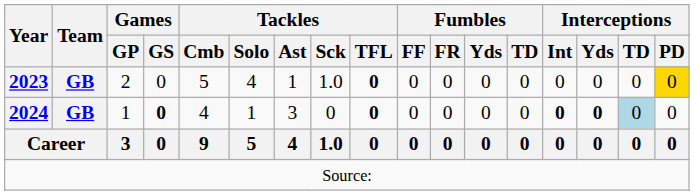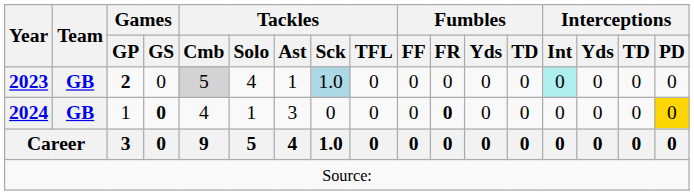 <table class="wikitable" style="text-align:center;">
 <tr>
 <th rowspan="2">Year</th>
 <th rowspan="2">Team</th>
 <th colspan="2">Games</th>
 <th colspan="5">Tackles</th>
 <th colspan="4">Fumbles</th>
 <th colspan="4">Interceptions</th>
 </tr>
 <tr>
 <th>GP</th>
 <th>GS</th>
 <th>Cmb</th>
 <th>Solo</th>
 <th>Ast</th>
 <th>Sck</th>
 <th>TFL</th>
 <th>FF</th>
 <th>FR</th>
 <th>Yds</th>
 <th>TD</th>
 <th>Int</th>
 <th>Yds</th>
 <th>TD</th>
 <th>PD</th>
 </tr>
 <tr>
 <th><a href='#'>2023</a></th>
 <th><a href='#'>GB</a></th>
-<td>2</td>
+<td><strong>2</strong></td>
 <td>0</td>
-<td>5</td>
+<td style="background: lightgrey;">5</td>
 <td>4</td>
 <td>1</td>
-<td>1.0</td>
-<td><strong>0</strong></td>
+<td style="background: lightblue;">1.0</td>
 <td>0</td>
 <td>0</td>
 <td>0</td>
 <td>0</td>
 <td>0</td>
+<td style="background: paleturquoise;">0</td>
 <td>0</td>
 <td>0</td>
-<td style="background: gold;">0</td>
+<td>0</td>
 </tr>
 <tr>
 <th><a href='#'>2024</a></th>
 <th><a href='#'>GB</a></th>
 <td>1</td>
 <td><strong>0</strong></td>
 <td>4</td>
 <td>1</td>
 <td>3</td>
 <td>0</td>
+<td>0</td>
+<td>0</td>
 <td><strong>0</strong></td>
 <td>0</td>
 <td>0</td>
 <td>0</td>
 <td>0</td>
-<td><strong>0</strong></td>
-<td><strong>0</strong></td>
-<td style="background: lightblue;">0</td>
 <td>0</td>
+<td style="background: gold;">0</td>
 </tr>
 <tr>
 <th colspan="2">Career</th>
 <th>3</th>
 <th>0</th>
 <th>9</th>
 <th>5</th>
 <th>4</th>
 <th>1.0</th>
 <th>0</th>
 <th>0</th>
 <th>0</th>
 <th>0</th>
 <th>0</th>
 <th>0</th>
 <th>0</th>
 <th>0</th>
 <th>0</th>
 </tr>
 <tr>
 <td colspan="18"><small>Source: </small></td>
 </tr>
 </table>
